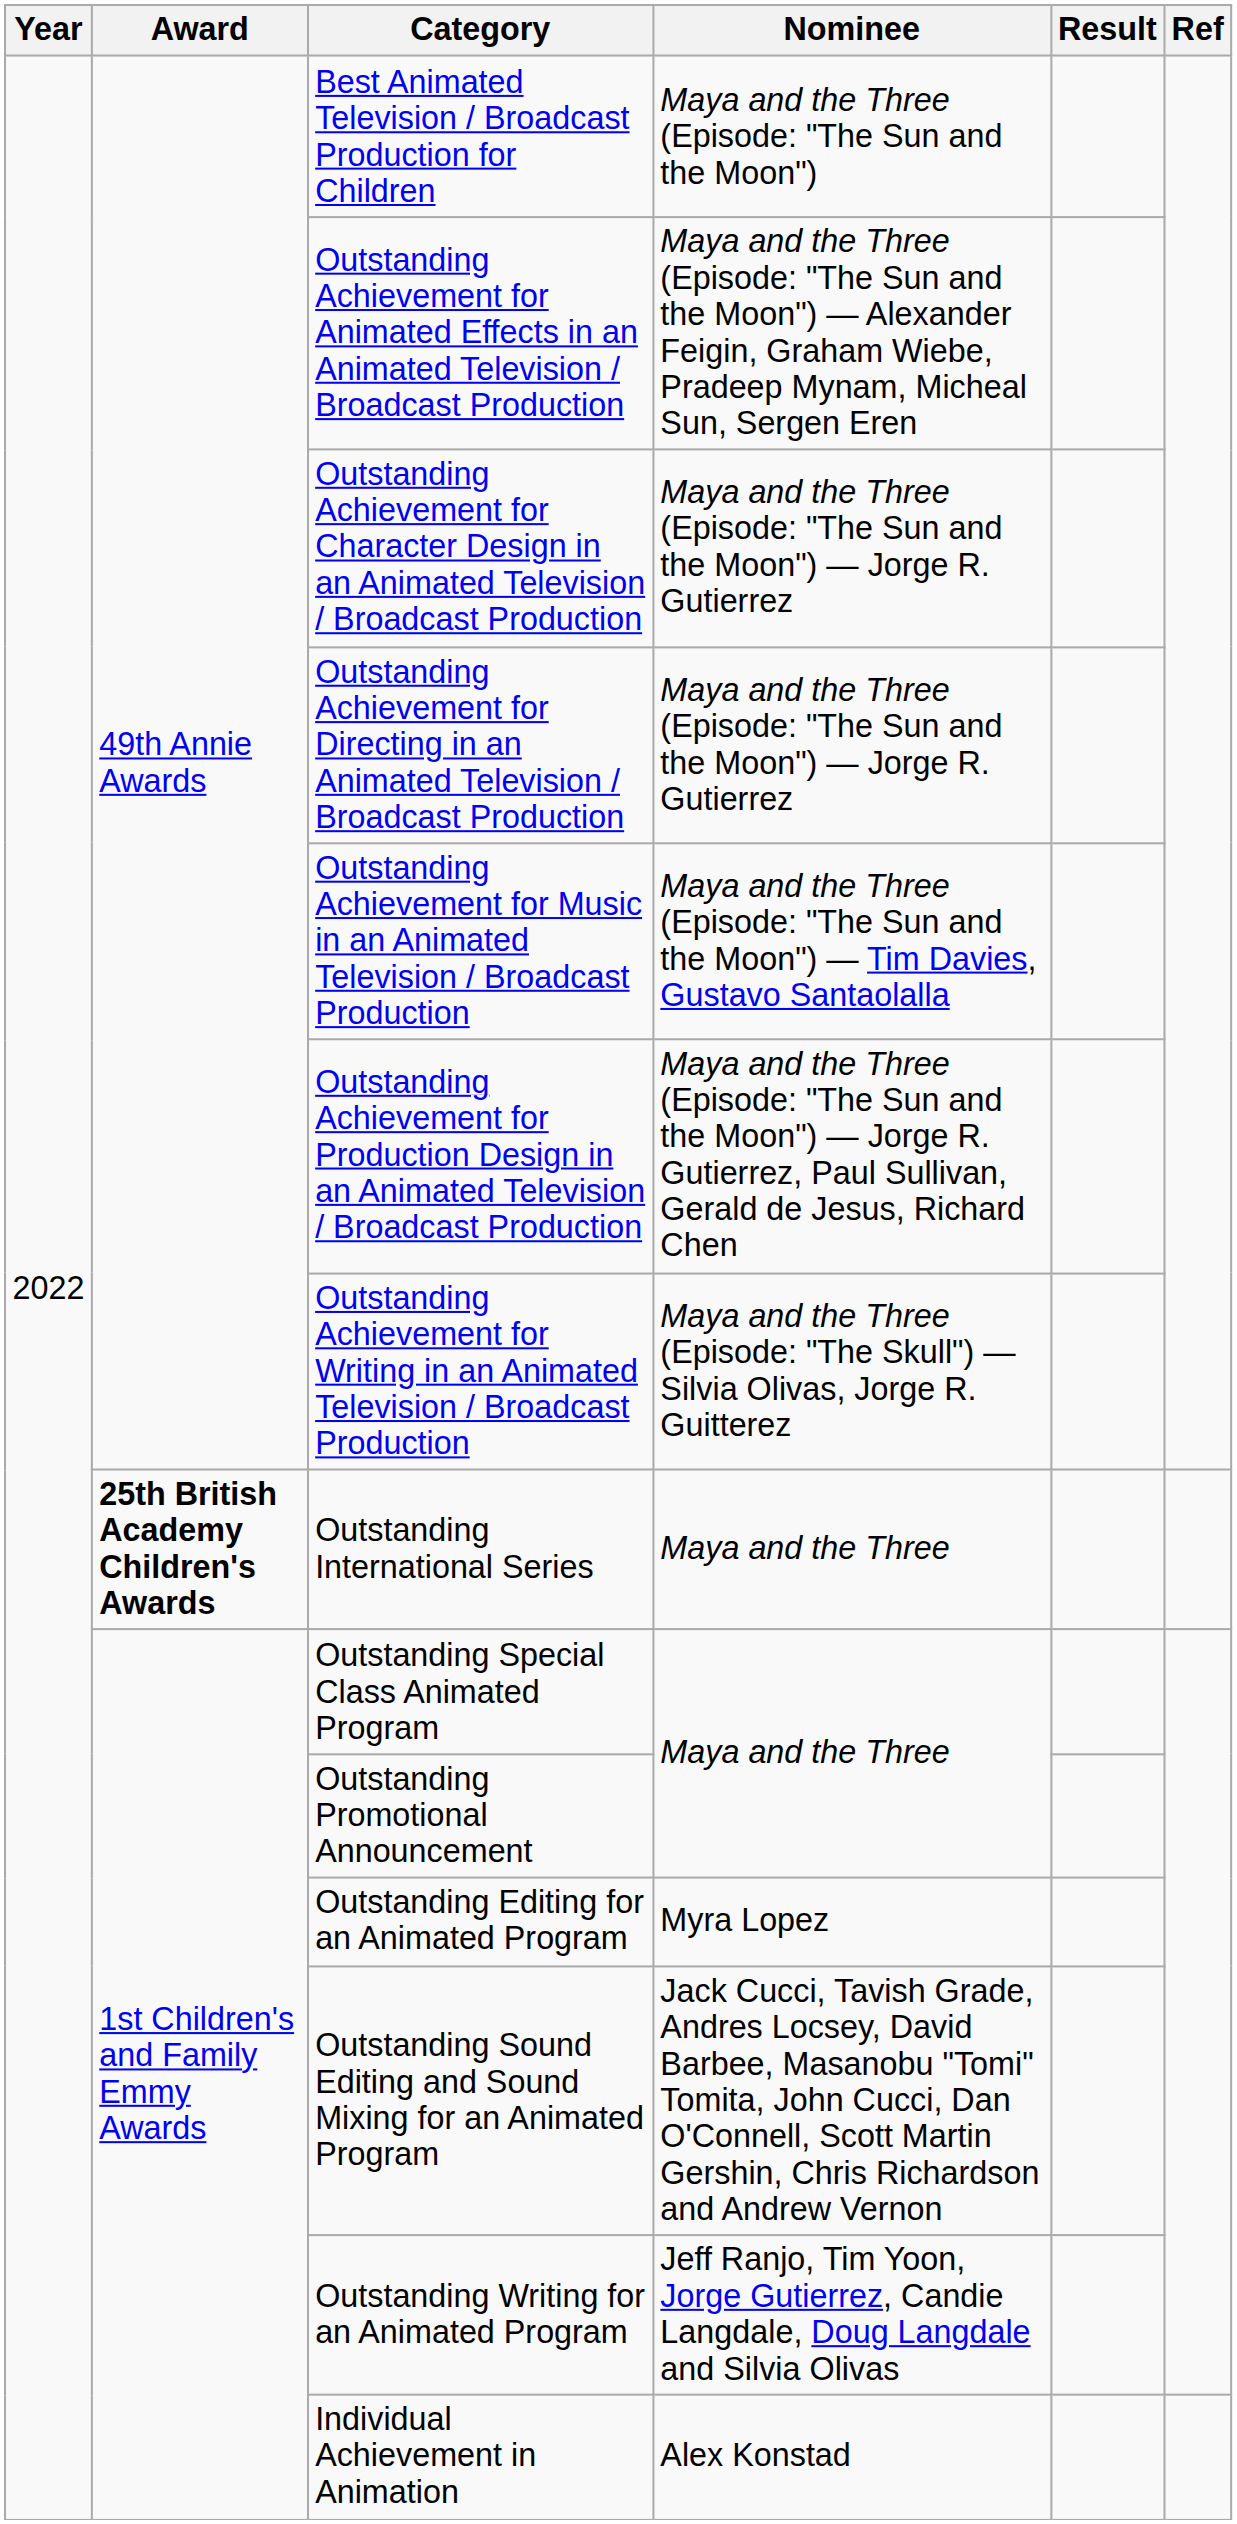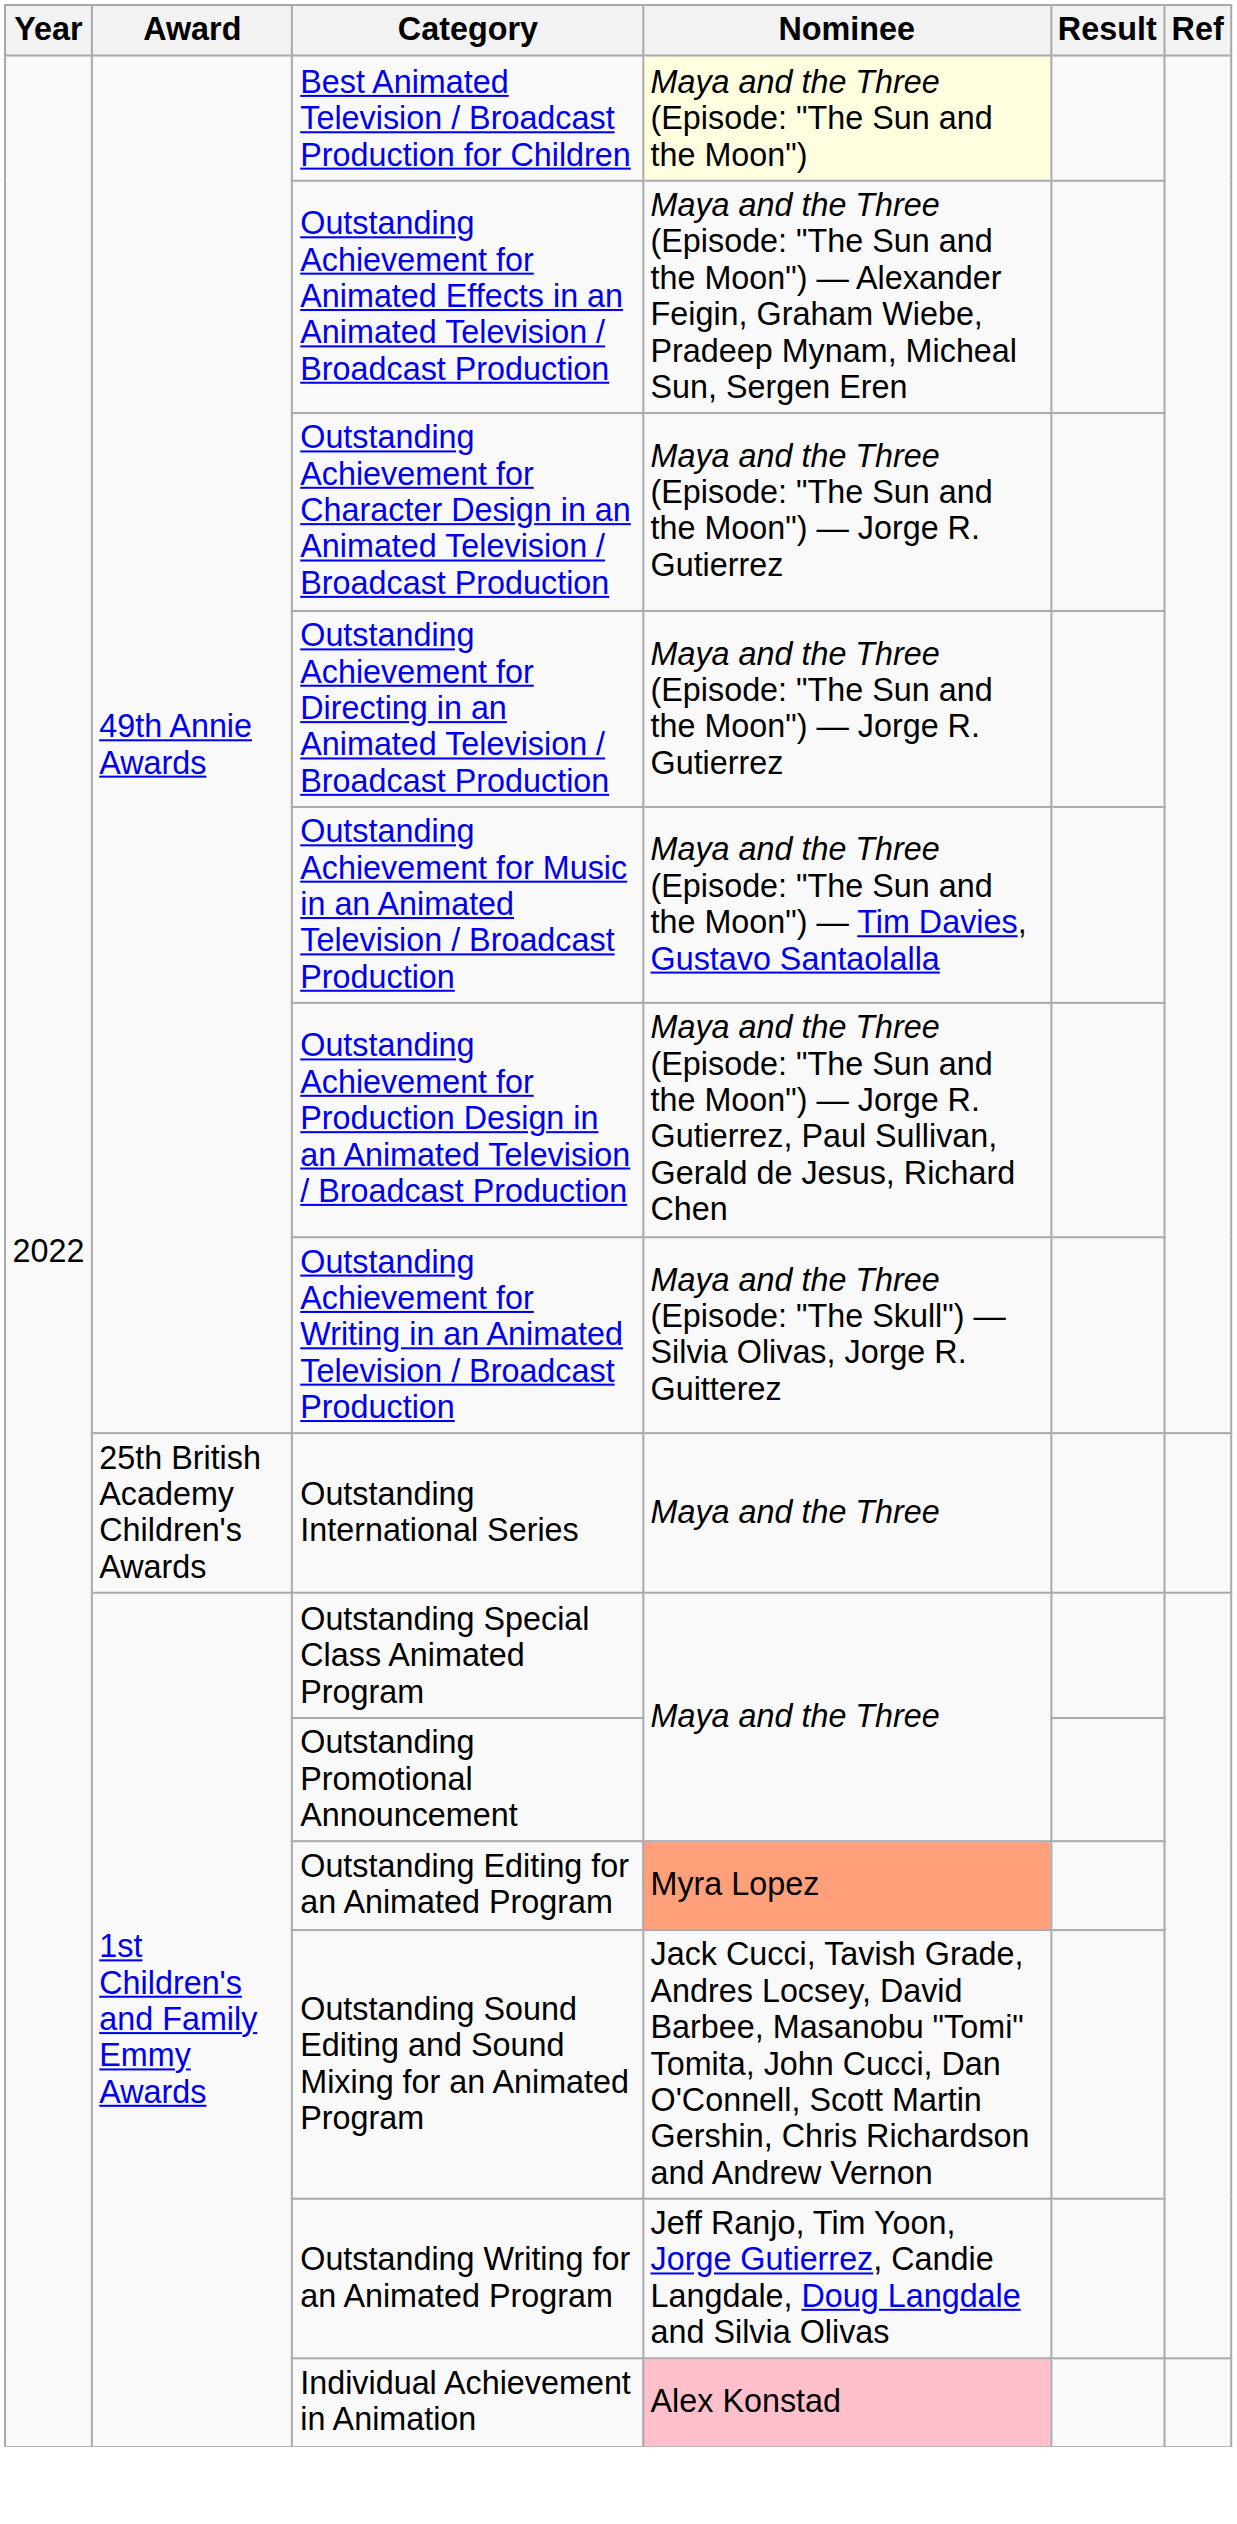 <table class="wikitable sortable">
 <tr>
 <th>Year</th>
 <th>Award</th>
 <th>Category</th>
 <th>Nominee</th>
 <th>Result</th>
 <th>Ref</th>
 </tr>
 <tr>
 <td rowspan="14">2022</td>
 <td rowspan="7"><a href='#'>49th Annie Awards</a></td>
 <td><a href='#'>Best Animated Television / Broadcast Production for Children</a></td>
-<td><em>Maya and the Three</em> (Episode: "The Sun and the Moon")</td>
+<td style="background: lightyellow;"><em>Maya and the Three</em> (Episode: "The Sun and the Moon")</td>
 <td></td>
 <td rowspan="7" align="center"></td>
 </tr>
 <tr>
 <td><a href='#'>Outstanding Achievement for Animated Effects in an Animated Television / Broadcast Production</a></td>
 <td><em>Maya and the Three</em> (Episode: "The Sun and the Moon") — Alexander Feigin, Graham Wiebe, Pradeep Mynam, Micheal Sun, Sergen Eren</td>
 <td></td>
 </tr>
 <tr>
 <td><a href='#'>Outstanding Achievement for Character Design in an Animated Television / Broadcast Production</a></td>
 <td><em>Maya and the Three</em> (Episode: "The Sun and the Moon") — Jorge R. Gutierrez</td>
 <td></td>
 </tr>
 <tr>
 <td><a href='#'>Outstanding Achievement for Directing in an Animated Television / Broadcast Production</a></td>
 <td><em>Maya and the Three</em> (Episode: "The Sun and the Moon") — Jorge R. Gutierrez</td>
 <td></td>
 </tr>
 <tr>
 <td><a href='#'>Outstanding Achievement for Music in an Animated Television / Broadcast Production</a></td>
 <td><em>Maya and the Three</em> (Episode: "The Sun and the Moon") — <a href='#'>Tim Davies</a>, <a href='#'>Gustavo Santaolalla</a></td>
 <td></td>
 </tr>
 <tr>
 <td><a href='#'>Outstanding Achievement for Production Design in an Animated Television / Broadcast Production</a></td>
 <td><em>Maya and the Three</em> (Episode: "The Sun and the Moon") — Jorge R. Gutierrez, Paul Sullivan, Gerald de Jesus, Richard Chen</td>
 <td></td>
 </tr>
 <tr>
 <td><a href='#'>Outstanding Achievement for Writing in an Animated Television / Broadcast Production</a></td>
 <td><em>Maya and the Three</em> (Episode: "The Skull") — Silvia Olivas, Jorge R. Guitterez</td>
 <td></td>
 </tr>
 <tr>
-<td><strong>25th British Academy Children's Awards</strong></td>
+<td>25th British Academy Children's Awards</td>
 <td>Outstanding International Series</td>
 <td><em>Maya and the Three</em></td>
 <td></td>
 <td align="center"></td>
 </tr>
 <tr>
 <td rowspan="6"><a href='#'>1st Children's and Family Emmy Awards</a></td>
 <td>Outstanding Special Class Animated Program</td>
 <td rowspan="2"><em>Maya and the Three</em></td>
 <td></td>
 <td rowspan="5" align="center"></td>
 </tr>
 <tr>
 <td>Outstanding Promotional Announcement</td>
 <td></td>
 </tr>
 <tr>
 <td>Outstanding Editing for an Animated Program</td>
-<td>Myra Lopez</td>
+<td style="background: lightsalmon;">Myra Lopez</td>
 <td></td>
 </tr>
 <tr>
 <td>Outstanding Sound Editing and Sound Mixing for an Animated Program</td>
 <td>Jack Cucci, Tavish Grade, Andres Locsey, David Barbee, Masanobu "Tomi" Tomita, John Cucci, Dan O'Connell, Scott Martin Gershin, Chris Richardson and Andrew Vernon</td>
 <td></td>
 </tr>
 <tr>
 <td>Outstanding Writing for an Animated Program</td>
 <td>Jeff Ranjo, Tim Yoon, <a href='#'>Jorge Gutierrez</a>, Candie Langdale, <a href='#'>Doug Langdale</a> and Silvia Olivas</td>
 <td></td>
 </tr>
 <tr>
 <td>Individual Achievement in Animation</td>
-<td>Alex Konstad</td>
+<td style="background: pink;">Alex Konstad</td>
 <td></td>
 <td align="center"></td>
 </tr>
 </table>
